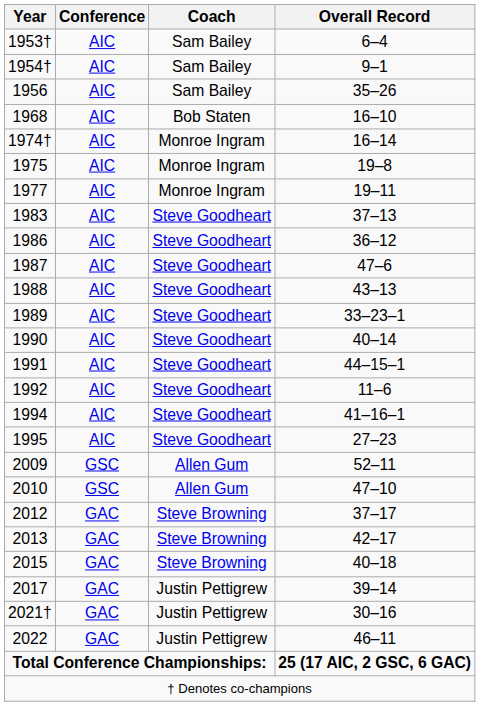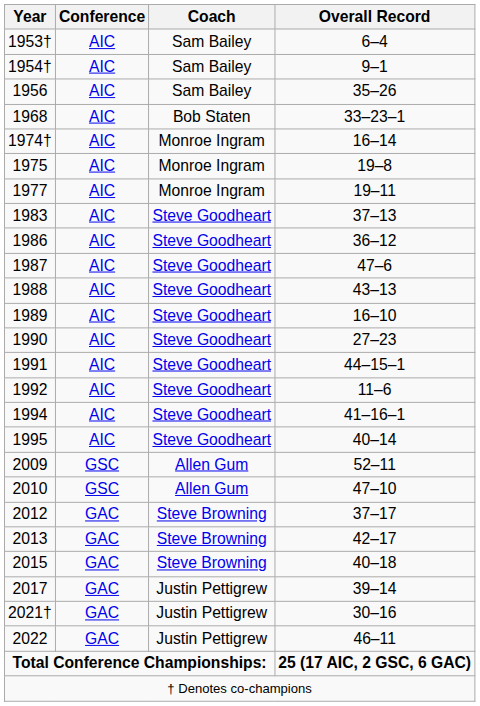 <table class="wikitable" style="text-align:center">
 <tr>
 <th>Year</th>
 <th>Conference</th>
 <th>Coach</th>
 <th>Overall Record</th>
 </tr>
 <tr align="center">
 <td>1953†</td>
 <td><a href='#'>AIC</a></td>
 <td>Sam Bailey</td>
 <td>6–4</td>
 </tr>
 <tr align="center">
 <td>1954†</td>
 <td><a href='#'>AIC</a></td>
 <td>Sam Bailey</td>
 <td>9–1</td>
 </tr>
 <tr align="center">
 <td>1956</td>
 <td><a href='#'>AIC</a></td>
 <td>Sam Bailey</td>
 <td>35–26</td>
 </tr>
 <tr align="center">
 <td>1968</td>
 <td><a href='#'>AIC</a></td>
 <td>Bob Staten</td>
-<td>16–10</td>
+<td>33–23–1</td>
 </tr>
 <tr align="center">
 <td>1974†</td>
 <td><a href='#'>AIC</a></td>
 <td>Monroe Ingram</td>
 <td>16–14</td>
 </tr>
 <tr align="center">
 <td>1975</td>
 <td><a href='#'>AIC</a></td>
 <td>Monroe Ingram</td>
 <td>19–8</td>
 </tr>
 <tr align="center">
 <td>1977</td>
 <td><a href='#'>AIC</a></td>
 <td>Monroe Ingram</td>
 <td>19–11</td>
 </tr>
 <tr align="center">
 <td>1983</td>
 <td><a href='#'>AIC</a></td>
 <td><a href='#'>Steve Goodheart</a></td>
 <td>37–13</td>
 </tr>
 <tr align="center">
 <td>1986</td>
 <td><a href='#'>AIC</a></td>
 <td><a href='#'>Steve Goodheart</a></td>
 <td>36–12</td>
 </tr>
 <tr align="center">
 <td>1987</td>
 <td><a href='#'>AIC</a></td>
 <td><a href='#'>Steve Goodheart</a></td>
 <td>47–6</td>
 </tr>
 <tr align="center">
 <td>1988</td>
 <td><a href='#'>AIC</a></td>
 <td><a href='#'>Steve Goodheart</a></td>
 <td>43–13</td>
 </tr>
 <tr align="center">
 <td>1989</td>
 <td><a href='#'>AIC</a></td>
 <td><a href='#'>Steve Goodheart</a></td>
-<td>33–23–1</td>
+<td>16–10</td>
 </tr>
 <tr align="center">
 <td>1990</td>
 <td><a href='#'>AIC</a></td>
 <td><a href='#'>Steve Goodheart</a></td>
-<td>40–14</td>
+<td>27–23</td>
 </tr>
 <tr align="center">
 <td>1991</td>
 <td><a href='#'>AIC</a></td>
 <td><a href='#'>Steve Goodheart</a></td>
 <td>44–15–1</td>
 </tr>
 <tr align="center">
 <td>1992</td>
 <td><a href='#'>AIC</a></td>
 <td><a href='#'>Steve Goodheart</a></td>
 <td>11–6</td>
 </tr>
 <tr align="center">
 <td>1994</td>
 <td><a href='#'>AIC</a></td>
 <td><a href='#'>Steve Goodheart</a></td>
 <td>41–16–1</td>
 </tr>
 <tr align="center">
 <td>1995</td>
 <td><a href='#'>AIC</a></td>
 <td><a href='#'>Steve Goodheart</a></td>
-<td>27–23</td>
+<td>40–14</td>
 </tr>
 <tr align="center">
 <td>2009</td>
 <td><a href='#'>GSC</a></td>
 <td><a href='#'>Allen Gum</a></td>
 <td>52–11</td>
 </tr>
 <tr align="center">
 <td>2010</td>
 <td><a href='#'>GSC</a></td>
 <td><a href='#'>Allen Gum</a></td>
 <td>47–10</td>
 </tr>
 <tr align="center">
 <td>2012</td>
 <td><a href='#'>GAC</a></td>
 <td><a href='#'>Steve Browning</a></td>
 <td>37–17</td>
 </tr>
 <tr align="center">
 <td>2013</td>
 <td><a href='#'>GAC</a></td>
 <td><a href='#'>Steve Browning</a></td>
 <td>42–17</td>
 </tr>
 <tr align="center">
 <td>2015</td>
 <td><a href='#'>GAC</a></td>
 <td><a href='#'>Steve Browning</a></td>
 <td>40–18</td>
 </tr>
 <tr align="center">
 <td>2017</td>
 <td><a href='#'>GAC</a></td>
 <td>Justin Pettigrew</td>
 <td>39–14</td>
 </tr>
 <tr align="center">
 <td>2021†</td>
 <td><a href='#'>GAC</a></td>
 <td>Justin Pettigrew</td>
 <td>30–16</td>
 </tr>
 <tr align="center">
 <td>2022</td>
 <td><a href='#'>GAC</a></td>
 <td>Justin Pettigrew</td>
 <td>46–11</td>
 </tr>
 <tr align="center">
 <td colspan=3><strong>Total Conference Championships:</strong></td>
 <td colspan=2><strong>25 (17 AIC, 2 GSC, 6 GAC)</strong></td>
 </tr>
 <tr>
 <td colspan=7><small>† Denotes co-champions</small></td>
 </tr>
 </table>
